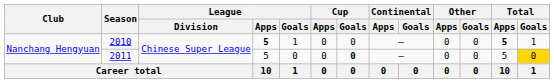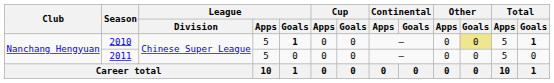 <table class="wikitable" style="text-align: center">
 <tr>
 <th rowspan="2">Club</th>
 <th rowspan="2">Season</th>
 <th colspan="3">League</th>
 <th colspan="2">Cup</th>
 <th colspan="2">Continental</th>
 <th colspan="2">Other</th>
 <th colspan="2">Total</th>
 </tr>
 <tr>
 <th>Division</th>
 <th>Apps</th>
 <th>Goals</th>
 <th>Apps</th>
 <th>Goals</th>
 <th>Apps</th>
 <th>Goals</th>
 <th>Apps</th>
 <th>Goals</th>
 <th>Apps</th>
 <th>Goals</th>
 </tr>
 <tr>
 <td rowspan="2"><a href='#'>Nanchang Hengyuan</a></td>
 <td><a href='#'>2010</a></td>
 <td rowspan="2"><a href='#'>Chinese Super League</a></td>
-<td><strong>5</strong></td>
-<td>1</td>
+<td>5</td>
+<td><strong>1</strong></td>
 <td>0</td>
 <td>0</td>
 <td colspan="2">–</td>
 <td>0</td>
-<td>0</td>
-<td><strong>5</strong></td>
-<td>1</td>
+<td style="background: khaki;">0</td>
+<td>5</td>
+<td><strong>1</strong></td>
 </tr>
 <tr>
 <td><a href='#'>2011</a></td>
 <td>5</td>
 <td>0</td>
 <td>0</td>
-<td><strong>0</strong></td>
+<td>0</td>
 <td colspan="2">–</td>
 <td>0</td>
 <td>0</td>
 <td>5</td>
-<td style="background: gold;">0</td>
+<td>0</td>
 </tr>
 <tr>
 <th colspan=3>Career total</th>
 <th>10</th>
 <th>1</th>
 <th>0</th>
 <th>0</th>
 <th>0</th>
 <th>0</th>
 <th>0</th>
 <th>0</th>
 <th>10</th>
 <th>1</th>
 </tr>
 </table>
